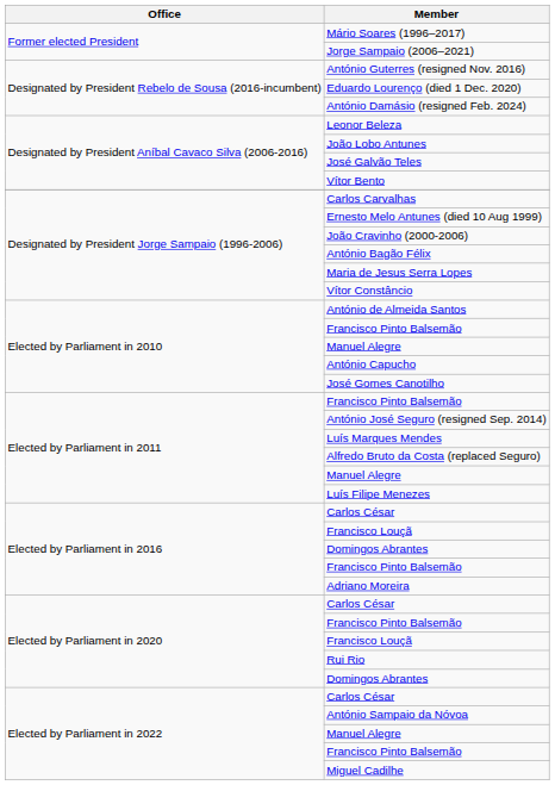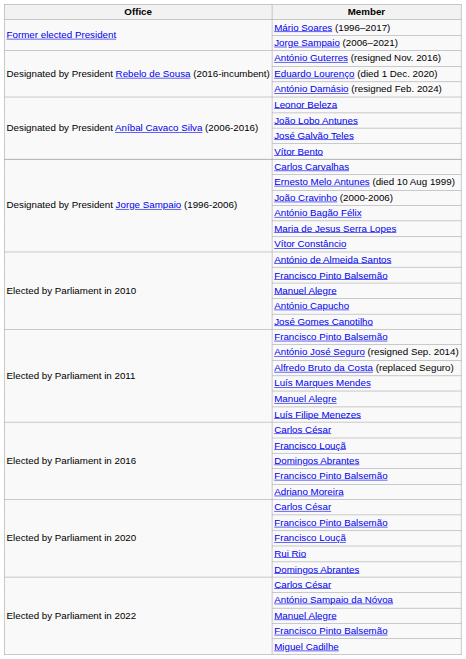 <table class="wikitable">
 <tr>
 <th>Office</th>
 <th>Member</th>
 </tr>
 <tr>
 <td rowspan="2"><a href='#'>Former elected President</a></td>
 <td><a href='#'>Mário Soares</a> (1996–2017)</td>
 </tr>
 <tr>
 <td><a href='#'>Jorge Sampaio</a> (2006–2021)</td>
 </tr>
 <tr>
 <td rowspan="3">Designated by President <a href='#'>Rebelo de Sousa</a> (2016-incumbent)</td>
 <td><a href='#'>António Guterres</a> (resigned Nov. 2016)</td>
 </tr>
 <tr>
 <td><a href='#'>Eduardo Lourenço</a> (died 1 Dec. 2020)</td>
 </tr>
 <tr>
 <td><a href='#'>António Damásio</a> (resigned Feb. 2024)</td>
 </tr>
 <tr>
 <td rowspan="4">Designated by President <a href='#'>Aníbal Cavaco Silva</a> (2006-2016)</td>
 <td><a href='#'>Leonor Beleza</a></td>
 </tr>
 <tr>
 <td><a href='#'>João Lobo Antunes</a></td>
 </tr>
 <tr>
 <td><a href='#'>José Galvão Teles</a></td>
 </tr>
 <tr>
 <td><a href='#'>Vítor Bento</a></td>
 </tr>
 <tr>
 </tr>
 <tr>
 <td rowspan="6">Designated by President <a href='#'>Jorge Sampaio</a> (1996-2006)</td>
 <td><a href='#'>Carlos Carvalhas</a></td>
 </tr>
 <tr>
 <td><a href='#'>Ernesto Melo Antunes</a> (died 10 Aug 1999)</td>
 </tr>
 <tr>
 <td><a href='#'>João Cravinho</a> (2000-2006)</td>
 </tr>
 <tr>
 <td><a href='#'>António Bagão Félix</a></td>
 </tr>
 <tr>
 <td><a href='#'>Maria de Jesus Serra Lopes</a></td>
 </tr>
 <tr>
 <td><a href='#'>Vítor Constâncio</a></td>
 </tr>
 <tr>
 <td rowspan="5">Elected by Parliament in 2010</td>
 <td><a href='#'>António de Almeida Santos</a></td>
 </tr>
 <tr>
 <td><a href='#'>Francisco Pinto Balsemão</a></td>
 </tr>
 <tr>
 <td><a href='#'>Manuel Alegre</a></td>
 </tr>
 <tr>
 <td><a href='#'>António Capucho</a></td>
 </tr>
 <tr>
 <td><a href='#'>José Gomes Canotilho</a></td>
 </tr>
 <tr>
 <td rowspan="6">Elected by Parliament in 2011</td>
 <td><a href='#'>Francisco Pinto Balsemão</a></td>
 </tr>
 <tr>
 <td><a href='#'>António José Seguro</a> (resigned Sep. 2014)</td>
 </tr>
 <tr>
-<td><a href='#'>Luís Marques Mendes</a></td>
+<td><a href='#'>Alfredo Bruto da Costa</a> (replaced Seguro)</td>
 </tr>
 <tr>
-<td><a href='#'>Alfredo Bruto da Costa</a> (replaced Seguro)</td>
+<td><a href='#'>Luís Marques Mendes</a></td>
 </tr>
 <tr>
 <td><a href='#'>Manuel Alegre</a></td>
 </tr>
 <tr>
 <td><a href='#'>Luís Filipe Menezes</a></td>
 </tr>
 <tr>
 <td rowspan="5">Elected by Parliament in 2016</td>
 <td><a href='#'>Carlos César</a></td>
 </tr>
 <tr>
 <td><a href='#'>Francisco Louçã</a></td>
 </tr>
 <tr>
 <td><a href='#'>Domingos Abrantes</a></td>
 </tr>
 <tr>
 <td><a href='#'>Francisco Pinto Balsemão</a></td>
 </tr>
 <tr>
 <td><a href='#'>Adriano Moreira</a></td>
 </tr>
 <tr>
 <td rowspan="5">Elected by Parliament in 2020</td>
 <td><a href='#'>Carlos César</a></td>
 </tr>
 <tr>
 <td><a href='#'>Francisco Pinto Balsemão</a></td>
 </tr>
 <tr>
 <td><a href='#'>Francisco Louçã</a></td>
 </tr>
 <tr>
 <td><a href='#'>Rui Rio</a></td>
 </tr>
 <tr>
 <td><a href='#'>Domingos Abrantes</a></td>
 </tr>
 <tr>
 <td rowspan="5">Elected by Parliament in 2022</td>
 <td><a href='#'>Carlos César</a></td>
 </tr>
 <tr>
 <td><a href='#'>António Sampaio da Nóvoa</a></td>
 </tr>
 <tr>
 <td><a href='#'>Manuel Alegre</a></td>
 </tr>
 <tr>
 <td><a href='#'>Francisco Pinto Balsemão</a></td>
 </tr>
 <tr>
 <td><a href='#'>Miguel Cadilhe</a></td>
 </tr>
 </table>
